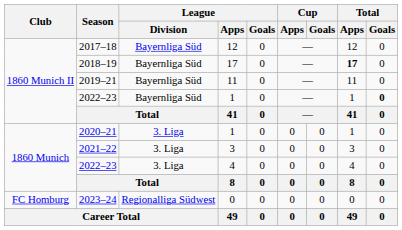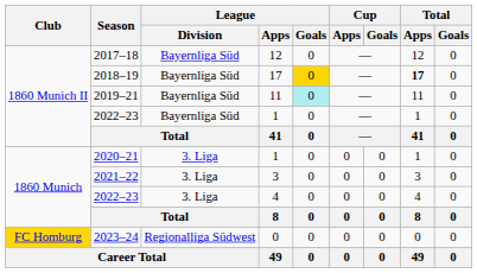 <table class="wikitable" Style="text-align: center">
 <tr>
 <th rowspan="2">Club</th>
 <th rowspan="2">Season</th>
 <th colspan="3">League</th>
 <th colspan="2">Cup</th>
 <th colspan="2">Total</th>
 </tr>
 <tr>
 <th>Division</th>
 <th>Apps</th>
 <th>Goals</th>
 <th>Apps</th>
 <th>Goals</th>
 <th>Apps</th>
 <th>Goals</th>
 </tr>
 <tr>
 <td rowspan="5"><a href='#'>1860 Munich II</a></td>
 <td>2017–18</td>
 <td><a href='#'>Bayernliga Süd</a></td>
 <td>12</td>
 <td>0</td>
 <td colspan="2">—</td>
 <td>12</td>
 <td>0</td>
 </tr>
 <tr>
 <td>2018–19</td>
 <td>Bayernliga Süd</td>
 <td>17</td>
-<td>0</td>
+<td style="background: gold;">0</td>
 <td colspan="2">—</td>
 <td><strong>17</strong></td>
 <td>0</td>
 </tr>
 <tr>
 <td>2019–21</td>
 <td>Bayernliga Süd</td>
 <td>11</td>
-<td>0</td>
+<td style="background: paleturquoise;">0</td>
 <td colspan="2">—</td>
 <td>11</td>
 <td>0</td>
 </tr>
 <tr>
 <td>2022–23</td>
 <td>Bayernliga Süd</td>
 <td>1</td>
 <td>0</td>
 <td colspan="2">—</td>
 <td>1</td>
-<td><strong>0</strong></td>
+<td>0</td>
 </tr>
 <tr>
 <th colspan="2">Total</th>
 <th>41</th>
 <th>0</th>
 <th colspan="2">—</th>
 <th>41</th>
 <th>0</th>
 </tr>
 <tr>
 <td rowspan="4"><a href='#'>1860 Munich</a></td>
 <td><a href='#'>2020–21</a></td>
 <td><a href='#'>3. Liga</a></td>
 <td>1</td>
 <td>0</td>
 <td>0</td>
 <td>0</td>
 <td>1</td>
 <td>0</td>
 </tr>
 <tr>
 <td><a href='#'>2021–22</a></td>
 <td>3. Liga</td>
 <td>3</td>
 <td>0</td>
 <td>0</td>
 <td>0</td>
 <td>3</td>
 <td>0</td>
 </tr>
 <tr>
 <td><a href='#'>2022–23</a></td>
 <td>3. Liga</td>
 <td>4</td>
 <td>0</td>
 <td>0</td>
 <td>0</td>
 <td>4</td>
 <td>0</td>
 </tr>
 <tr>
 <th colspan="2">Total</th>
 <th>8</th>
 <th>0</th>
 <th>0</th>
 <th>0</th>
 <th>8</th>
 <th>0</th>
 </tr>
 <tr>
-<td><a href='#'>FC Homburg</a></td>
+<td style="background: gold;"><a href='#'>FC Homburg</a></td>
 <td><a href='#'>2023–24</a></td>
 <td><a href='#'>Regionalliga Südwest</a></td>
 <td>0</td>
 <td>0</td>
 <td>0</td>
 <td>0</td>
 <td>0</td>
 <td>0</td>
 </tr>
 <tr>
 <th colspan="3">Career Total</th>
 <th>49</th>
 <th>0</th>
 <th>0</th>
 <th>0</th>
 <th>49</th>
 <th>0</th>
 </tr>
 </table>
